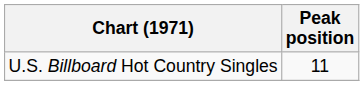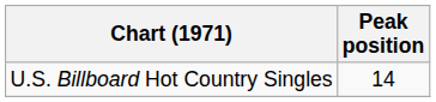 <table class="wikitable sortable">
 <tr>
 <th align="left">Chart (1971)</th>
 <th align="center">Peak<br>position</th>
 </tr>
 <tr>
 <td align="left">U.S. <em>Billboard</em> Hot Country Singles</td>
-<td align="center">11</td>
+<td align="center">14</td>
 </tr>
 <tr>
 </tr>
 </table>
